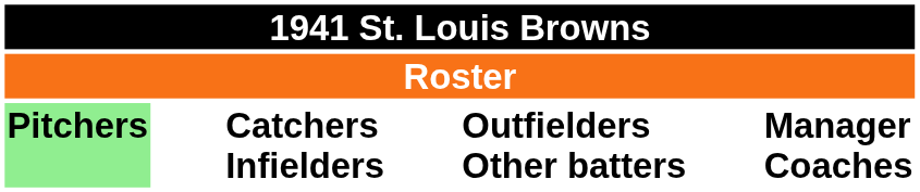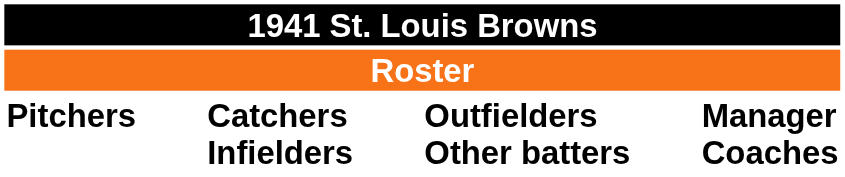 <table class="toccolours" style="font-size: 95%;">
 <tr>
 <th colspan="10" style="background-color: black; color: white; text-align: center;">1941 St. Louis Browns</th>
 </tr>
 <tr>
 <td colspan="10" style="background-color: #F87217; color: white; text-align: center;"><strong>Roster</strong></td>
 </tr>
 <tr>
-<td valign="top" style="background: lightgreen;"><strong>Pitchers</strong><br>              </td>
+<td valign="top"><strong>Pitchers</strong><br>              </td>
 <td width="25px"></td>
 <td valign="top"><strong>Catchers</strong><br>   <strong>Infielders</strong>         </td>
 <td width="25px"></td>
 <td valign="top"><strong>Outfielders</strong><br>       <strong>Other batters</strong> </td>
 <td width="25px"></td>
 <td valign="top"><strong>Manager</strong><br>  <strong>Coaches</strong>   </td>
 </tr>
 <tr>
 </tr>
 </table>
